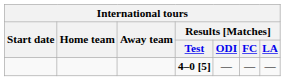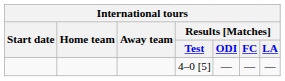 <table class="wikitable">
 <tr>
 <th colspan="7">International tours</th>
 </tr>
 <tr>
 <th rowspan="2">Start date</th>
 <th rowspan="2">Home team</th>
 <th rowspan="2">Away team</th>
 <th colspan="4">Results [Matches]</th>
 </tr>
 <tr>
 <th><a href='#'>Test</a></th>
 <th><a href='#'>ODI</a></th>
 <th><a href='#'>FC</a></th>
 <th><a href='#'>LA</a></th>
 </tr>
 <tr>
 <td><a href='#'></a></td>
 <td></td>
 <td></td>
-<td><strong>4–0 [5]</strong></td>
+<td>4–0 [5]</td>
 <td ; style="text-align:center">—</td>
 <td ; style="text-align:center">—</td>
 <td ; style="text-align:center">—</td>
 </tr>
 </table>
